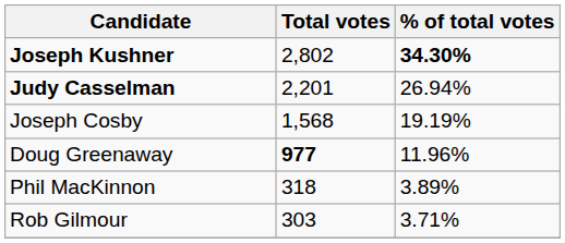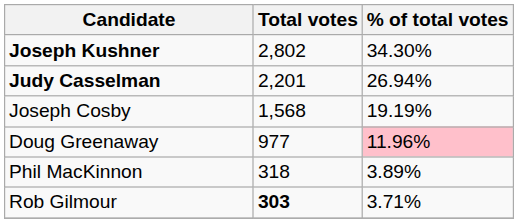 <table class="wikitable">
 <tr>
 <th bgcolor="#DDDDFF" width="200px">Candidate</th>
 <th bgcolor="#DDDDFF">Total votes</th>
 <th bgcolor="#DDDDFF">% of total votes</th>
 </tr>
 <tr>
 <td><strong>Joseph Kushner</strong></td>
 <td>2,802</td>
-<td><strong>34.30%</strong></td>
+<td>34.30%</td>
 </tr>
 <tr>
 <td><strong>Judy Casselman</strong></td>
 <td>2,201</td>
 <td>26.94%</td>
 </tr>
 <tr>
 <td>Joseph Cosby</td>
 <td>1,568</td>
 <td>19.19%</td>
 </tr>
 <tr>
 <td>Doug Greenaway</td>
-<td><strong>977</strong></td>
-<td>11.96%</td>
+<td>977</td>
+<td style="background: pink;">11.96%</td>
 </tr>
 <tr>
 <td>Phil MacKinnon</td>
 <td>318</td>
 <td>3.89%</td>
 </tr>
 <tr>
 <td>Rob Gilmour</td>
-<td>303</td>
+<td><strong>303</strong></td>
 <td>3.71%</td>
 </tr>
 <tr>
 </tr>
 </table>
